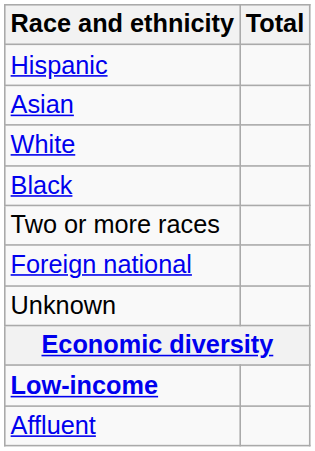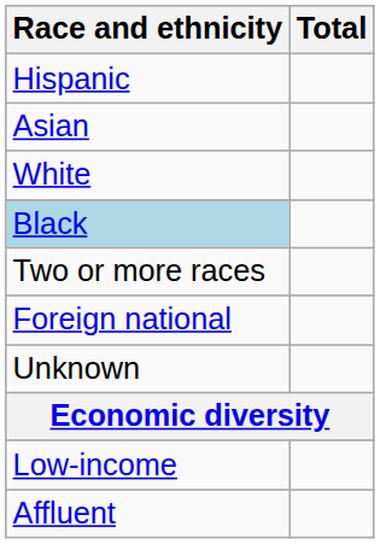 <table class="wikitable floatright sortable collapsible"; text-align:right; font-size:80%;">
 <tr>
 <th>Race and ethnicity</th>
 <th colspan="2" data-sort-type=number>Total</th>
 </tr>
 <tr>
 <td><a href='#'>Hispanic</a></td>
 <td align=right></td>
 </tr>
 <tr>
 <td><a href='#'>Asian</a></td>
 <td align=right></td>
 </tr>
 <tr>
 <td><a href='#'>White</a></td>
 <td align=right></td>
 </tr>
 <tr>
-<td><a href='#'>Black</a></td>
+<td style="background: lightblue;"><a href='#'>Black</a></td>
 <td align=right></td>
 </tr>
 <tr>
 <td>Two or more races</td>
 <td align=right></td>
 </tr>
 <tr>
 <td><a href='#'>Foreign national</a></td>
 <td align=right></td>
 </tr>
 <tr>
 <td>Unknown</td>
 <td align=right></td>
 </tr>
 <tr>
 <th colspan="4" data-sort-type=number><a href='#'>Economic diversity</a></th>
 </tr>
 <tr>
-<td><strong><a href='#'>Low-income</a></strong></td>
+<td><a href='#'>Low-income</a></td>
 <td align=right></td>
 </tr>
 <tr>
 <td><a href='#'>Affluent</a></td>
 <td align=right></td>
 </tr>
 </table>
